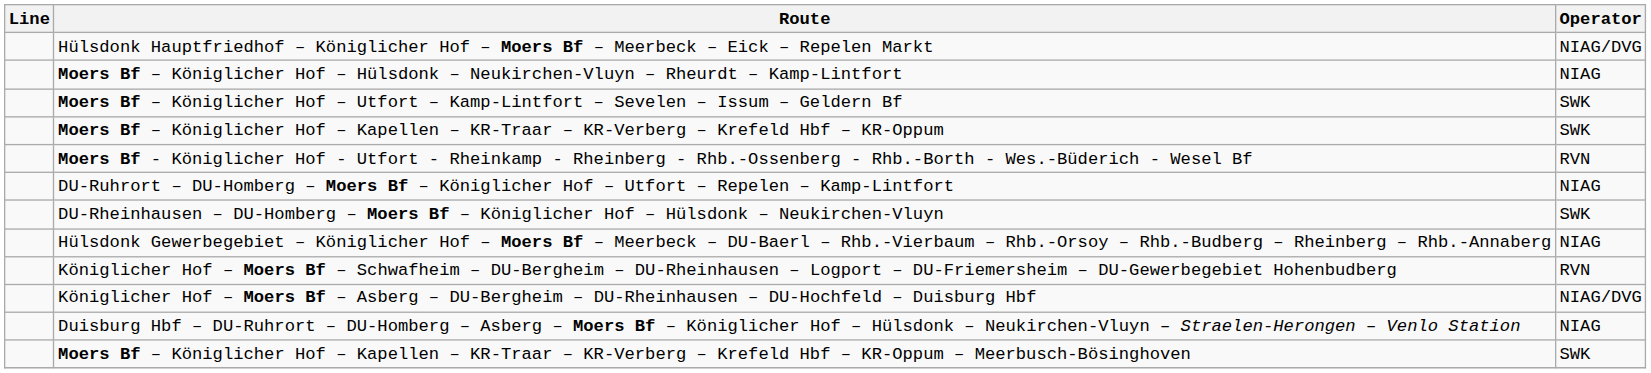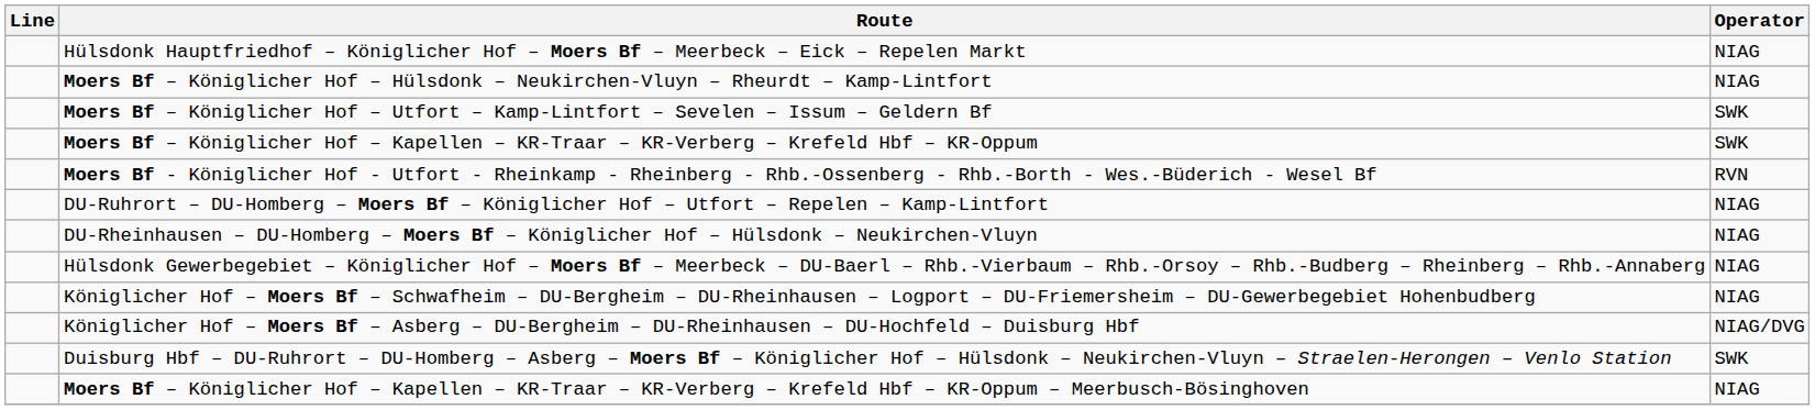 <table class="wikitable">
 <tr>
 <th>Line</th>
 <th>Route</th>
 <th>Operator</th>
 </tr>
 <tr>
 <td></td>
 <td>Hülsdonk Hauptfriedhof – Königlicher Hof – <strong>Moers Bf</strong> – Meerbeck – Eick – Repelen Markt</td>
-<td>NIAG/DVG</td>
+<td>NIAG</td>
 </tr>
 <tr>
 <td></td>
 <td><strong>Moers Bf</strong> – Königlicher Hof – Hülsdonk – Neukirchen-Vluyn – Rheurdt – Kamp-Lintfort</td>
 <td>NIAG</td>
 </tr>
 <tr>
 <td></td>
 <td><strong>Moers Bf</strong> – Königlicher Hof – Utfort – Kamp-Lintfort – Sevelen – Issum – Geldern Bf</td>
 <td>SWK</td>
 </tr>
 <tr>
 <td></td>
 <td><strong>Moers Bf</strong> – Königlicher Hof – Kapellen – KR-Traar – KR-Verberg – Krefeld Hbf – KR-Oppum</td>
 <td>SWK</td>
 </tr>
 <tr>
 <td></td>
 <td><strong>Moers Bf</strong> - Königlicher Hof - Utfort - Rheinkamp - Rheinberg - Rhb.-Ossenberg - Rhb.-Borth - Wes.-Büderich - Wesel Bf</td>
 <td>RVN</td>
 </tr>
 <tr>
 <td></td>
 <td>DU-Ruhrort – DU-Homberg – <strong>Moers Bf</strong> – Königlicher Hof – Utfort – Repelen – Kamp-Lintfort</td>
 <td>NIAG</td>
 </tr>
 <tr>
 <td></td>
 <td>DU-Rheinhausen – DU-Homberg – <strong>Moers Bf</strong> – Königlicher Hof – Hülsdonk – Neukirchen-Vluyn</td>
-<td>SWK</td>
+<td>NIAG</td>
 </tr>
 <tr>
 <td></td>
 <td>Hülsdonk Gewerbegebiet – Königlicher Hof – <strong>Moers Bf</strong> – Meerbeck – DU-Baerl – Rhb.-Vierbaum – Rhb.-Orsoy – Rhb.-Budberg – Rheinberg – Rhb.-Annaberg</td>
 <td>NIAG</td>
 </tr>
 <tr>
 <td></td>
 <td>Königlicher Hof – <strong>Moers Bf</strong> – Schwafheim – DU-Bergheim – DU-Rheinhausen – Logport – DU-Friemersheim – DU-Gewerbegebiet Hohenbudberg</td>
-<td>RVN</td>
+<td>NIAG</td>
 </tr>
 <tr>
 <td></td>
 <td>Königlicher Hof – <strong>Moers Bf</strong> – Asberg – DU-Bergheim – DU-Rheinhausen – DU-Hochfeld – Duisburg Hbf</td>
 <td>NIAG/DVG</td>
 </tr>
 <tr>
 <td></td>
 <td>Duisburg Hbf – DU-Ruhrort – DU-Homberg – Asberg – <strong>Moers Bf</strong> – Königlicher Hof – Hülsdonk – Neukirchen-Vluyn <em>– Straelen-Herongen – Venlo Station</em></td>
-<td>NIAG</td>
+<td>SWK</td>
 </tr>
 <tr>
 <td></td>
 <td><strong>Moers Bf</strong> – Königlicher Hof – Kapellen – KR-Traar – KR-Verberg – Krefeld Hbf – KR-Oppum – Meerbusch-Bösinghoven</td>
-<td>SWK</td>
+<td>NIAG</td>
 </tr>
 <tr>
 </tr>
 </table>
